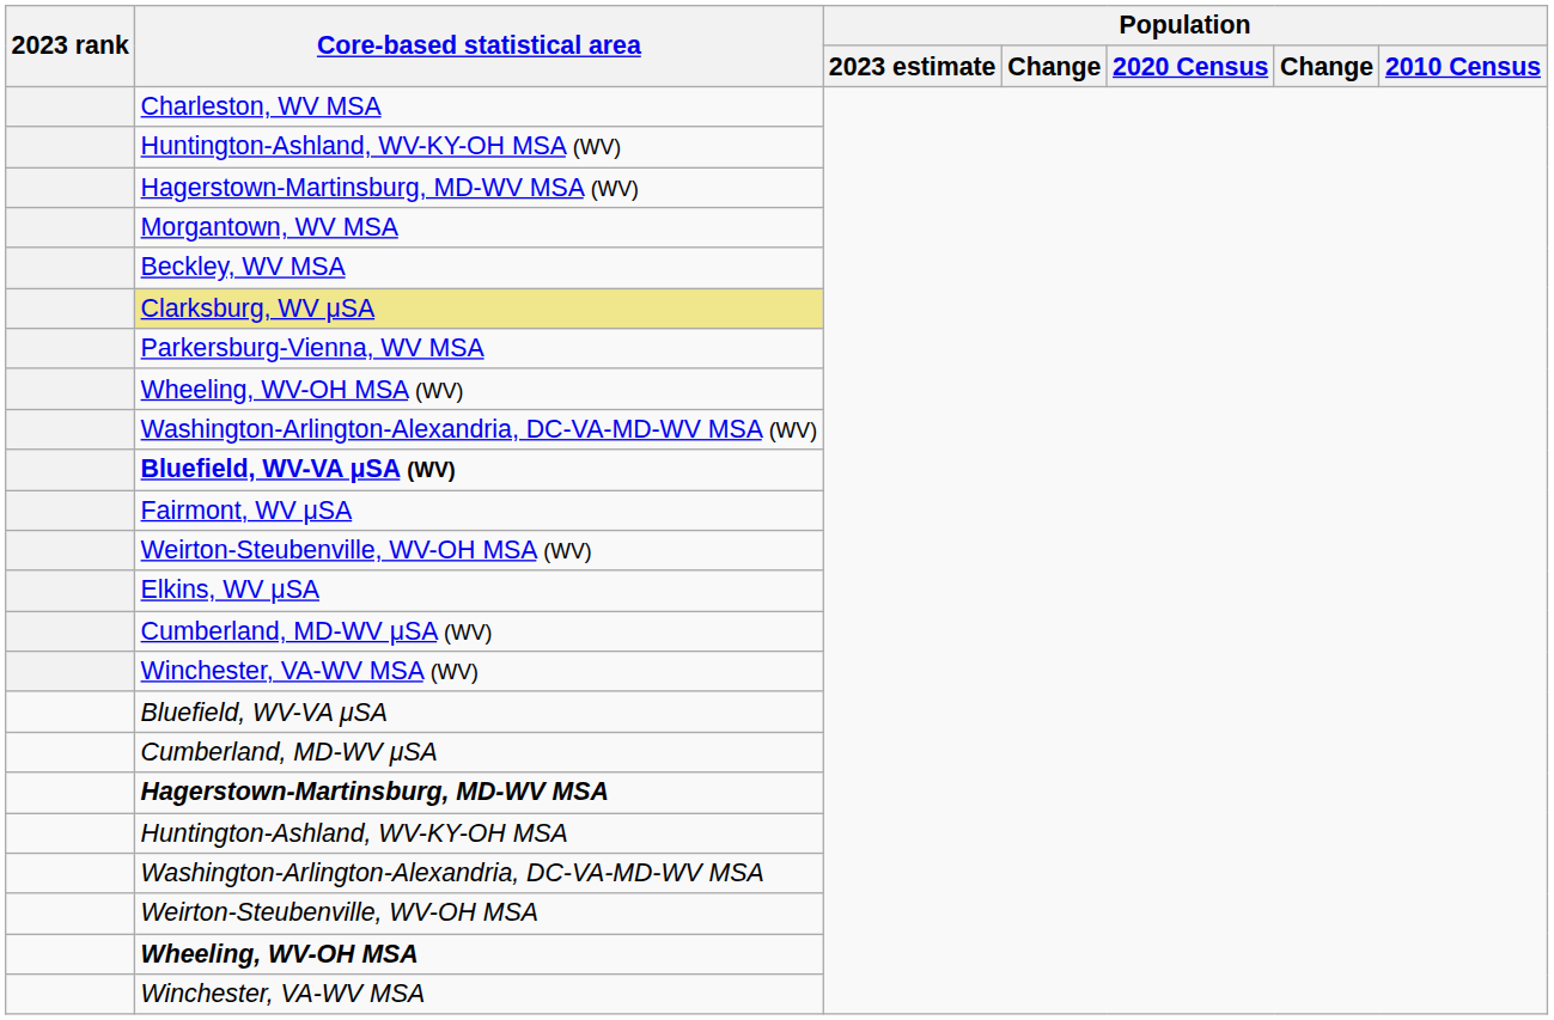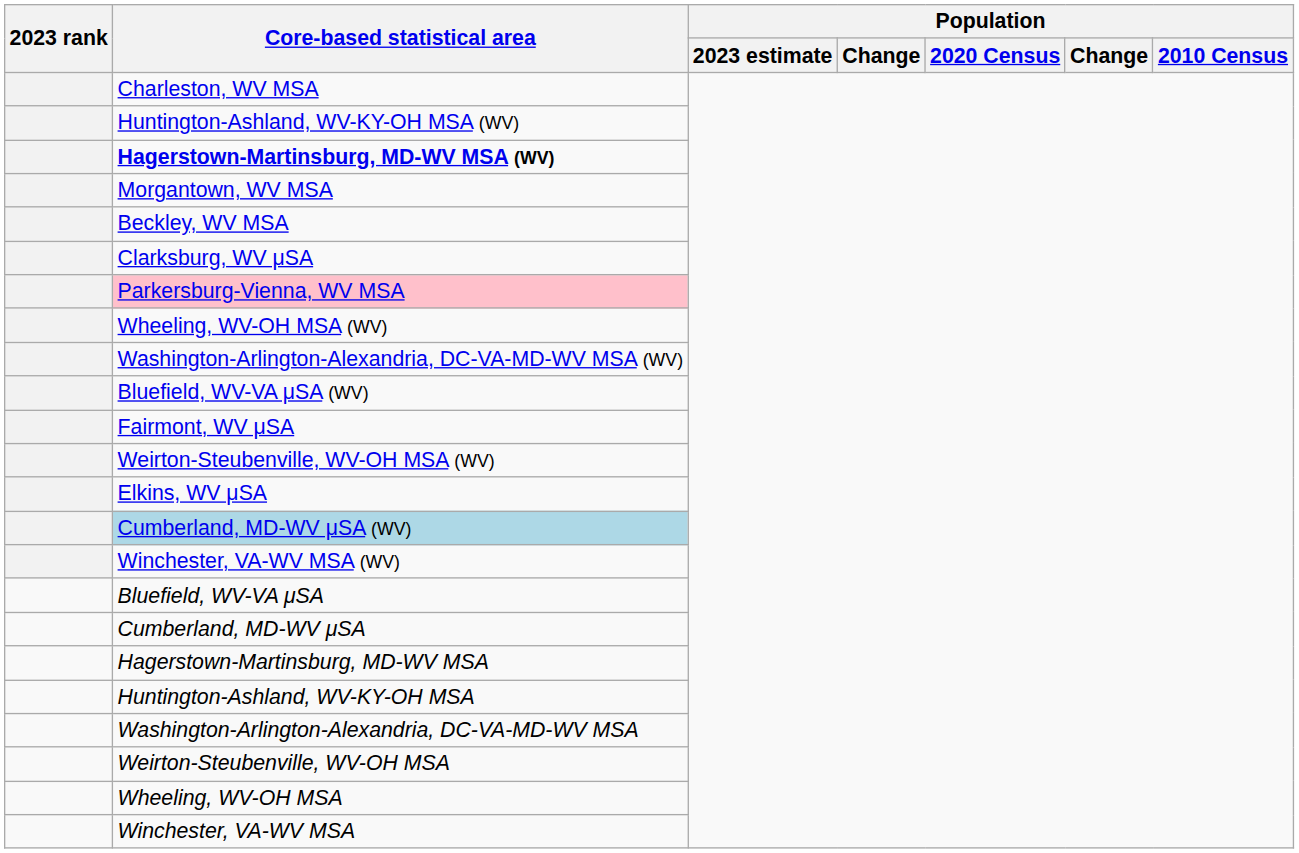 <table class="wikitable sortable">
 <tr>
 <th scope=col rowspan=2>2023 rank</th>
 <th scope=col rowspan=2><a href='#'>Core-based statistical area</a></th>
 <th colspan=5>Population</th>
 </tr>
 <tr>
 <th scope=col>2023 estimate</th>
 <th scope=col>Change</th>
 <th scope=col><a href='#'>2020 Census</a></th>
 <th scope=col>Change</th>
 <th scope=col><a href='#'>2010 Census</a></th>
 </tr>
 <tr>
 <th scope=row></th>
 <td><a href='#'>Charleston, WV MSA</a><br></td>
 </tr>
 <tr>
 <th scope=row></th>
 <td><a href='#'>Huntington-Ashland, WV-KY-OH MSA</a> <small>(WV)</small><br></td>
 </tr>
 <tr>
 <th scope=row></th>
-<td><a href='#'>Hagerstown-Martinsburg, MD-WV MSA</a> <small>(WV)</small><br></td>
+<td><strong><a href='#'>Hagerstown-Martinsburg, MD-WV MSA</a> <small>(WV)</small><br></strong></td>
 </tr>
 <tr>
 <th scope=row></th>
 <td><a href='#'>Morgantown, WV MSA</a><br></td>
 </tr>
 <tr>
 <th scope=row></th>
 <td><a href='#'>Beckley, WV MSA</a><br></td>
 </tr>
 <tr>
 <th scope=row></th>
-<td style="background: khaki;"><a href='#'>Clarksburg, WV μSA</a><br></td>
+<td><a href='#'>Clarksburg, WV μSA</a><br></td>
 </tr>
 <tr>
 <th scope=row></th>
-<td><a href='#'>Parkersburg-Vienna, WV MSA</a><br></td>
+<td style="background: pink;"><a href='#'>Parkersburg-Vienna, WV MSA</a><br></td>
 </tr>
 <tr>
 <th scope=row></th>
 <td><a href='#'>Wheeling, WV-OH MSA</a> <small>(WV)</small><br></td>
 </tr>
 <tr>
 <th scope=row></th>
 <td><a href='#'>Washington-Arlington-Alexandria, DC-VA-MD-WV MSA</a> <small>(WV)</small><br></td>
 </tr>
 <tr>
 <th scope=row></th>
-<td><strong><a href='#'>Bluefield, WV-VA μSA</a> <small>(WV)</small><br></strong></td>
+<td><a href='#'>Bluefield, WV-VA μSA</a> <small>(WV)</small><br></td>
 </tr>
 <tr>
 <th scope=row></th>
 <td><a href='#'>Fairmont, WV μSA</a><br></td>
 </tr>
 <tr>
 <th scope=row></th>
 <td><a href='#'>Weirton-Steubenville, WV-OH MSA</a> <small>(WV)</small><br></td>
 </tr>
 <tr>
 <th scope=row></th>
 <td><a href='#'>Elkins, WV μSA</a><br></td>
 </tr>
 <tr>
 <th scope=row></th>
-<td><a href='#'>Cumberland, MD-WV μSA</a> <small>(WV)</small><br></td>
+<td style="background: lightblue;"><a href='#'>Cumberland, MD-WV μSA</a> <small>(WV)</small><br></td>
 </tr>
 <tr>
 <th scope=row></th>
 <td><a href='#'>Winchester, VA-WV MSA</a> <small>(WV)</small><br></td>
 </tr>
 <tr>
 <td></td>
 <td><em><span>Bluefield, WV-VA μSA</span></em><br></td>
 </tr>
 <tr>
 <td></td>
 <td><em><span>Cumberland, MD-WV μSA</span></em><br></td>
 </tr>
 <tr>
 <td></td>
-<td><strong><em><span>Hagerstown-Martinsburg, MD-WV MSA</span></em><br></strong></td>
+<td><em><span>Hagerstown-Martinsburg, MD-WV MSA</span></em><br></td>
 </tr>
 <tr>
 <td></td>
 <td><em><span>Huntington-Ashland, WV-KY-OH MSA</span></em><br></td>
 </tr>
 <tr>
 <td></td>
 <td><em><span>Washington-Arlington-Alexandria, DC-VA-MD-WV MSA</span></em><br></td>
 </tr>
 <tr>
 <td></td>
 <td><em><span>Weirton-Steubenville, WV-OH MSA</span></em><br></td>
 </tr>
 <tr>
 <td></td>
-<td><strong><em><span>Wheeling, WV-OH MSA</span></em><br></strong></td>
+<td><em><span>Wheeling, WV-OH MSA</span></em><br></td>
 </tr>
 <tr>
 <td></td>
 <td><em><span>Winchester, VA-WV MSA</span></em><br></td>
 </tr>
 </table>
